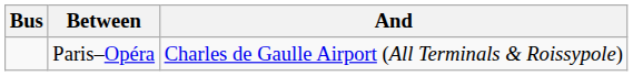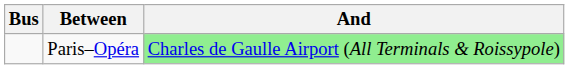 <table class="wikitable">
 <tr>
 <th>Bus</th>
 <th>Between</th>
 <th>And</th>
 </tr>
 <tr>
 <td></td>
 <td>Paris–<a href='#'>Opéra</a>   </td>
-<td><a href='#'>Charles de Gaulle Airport</a> (<em>All Terminals & Roissypole</em>)</td>
+<td style="background: lightgreen;"><a href='#'>Charles de Gaulle Airport</a> (<em>All Terminals & Roissypole</em>)</td>
 </tr>
 </table>
